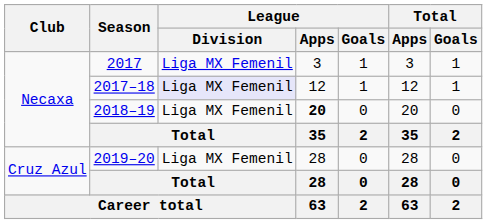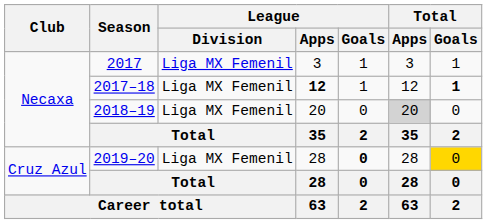 <table class=wikitable style="text-align: center;">
 <tr>
 <th rowspan=2>Club</th>
 <th rowspan=2>Season</th>
 <th colspan=3>League</th>
 <th colspan=2>Total</th>
 </tr>
 <tr>
 <th>Division</th>
 <th>Apps</th>
 <th>Goals</th>
 <th>Apps</th>
 <th>Goals</th>
 </tr>
 <tr>
 <td rowspan=4><a href='#'>Necaxa</a></td>
 <td><a href='#'>2017</a></td>
 <td><a href='#'>Liga MX Femenil</a></td>
 <td>3</td>
 <td>1</td>
 <td>3</td>
 <td>1</td>
 </tr>
 <tr>
 <td><a href='#'>2017–18</a></td>
-<td style="background: lavender;">Liga MX Femenil</td>
-<td>12</td>
+<td>Liga MX Femenil</td>
+<td><strong>12</strong></td>
 <td>1</td>
 <td>12</td>
-<td>1</td>
+<td><strong>1</strong></td>
 </tr>
 <tr>
 <td><a href='#'>2018–19</a></td>
 <td>Liga MX Femenil</td>
-<td><strong>20</strong></td>
+<td>20</td>
 <td>0</td>
-<td>20</td>
+<td style="background: lightgrey;">20</td>
 <td>0</td>
 </tr>
 <tr>
 <th colspan=2>Total</th>
 <th>35</th>
 <th>2</th>
 <th>35</th>
 <th>2</th>
 </tr>
 <tr>
 <td rowspan=2><a href='#'>Cruz Azul</a></td>
 <td><a href='#'>2019–20</a></td>
 <td>Liga MX Femenil</td>
 <td>28</td>
-<td>0</td>
+<td><strong>0</strong></td>
 <td>28</td>
-<td>0</td>
+<td style="background: gold;">0</td>
 </tr>
 <tr>
 <th colspan=2>Total</th>
 <th>28</th>
 <th>0</th>
 <th>28</th>
 <th>0</th>
 </tr>
 <tr>
 <th colspan=3>Career total</th>
 <th>63</th>
 <th>2</th>
 <th>63</th>
 <th>2</th>
 </tr>
 </table>
